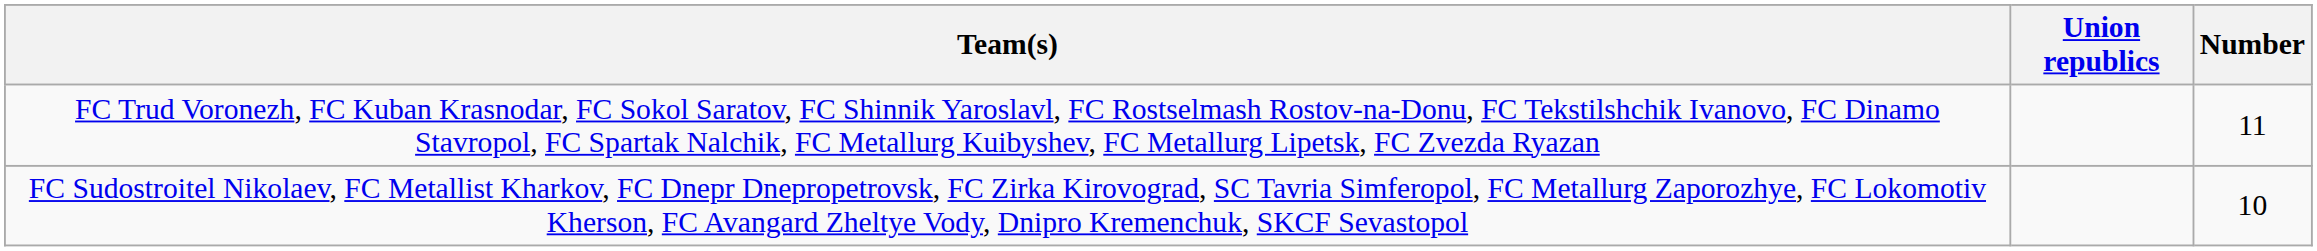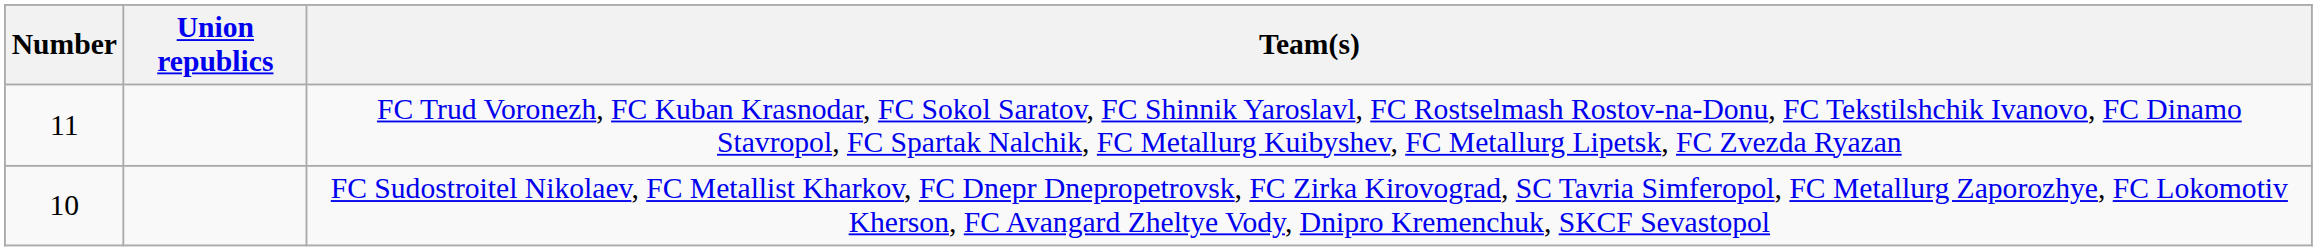 <table class="wikitable" style="text-align:center">
 <tr>
+<th>Number</th>
+<th><a href='#'>Union republics</a></th>
 <th>Team(s)</th>
-<th><a href='#'>Union republics</a></th>
-<th>Number</th>
 </tr>
 <tr>
+<td rowspan="1">11</td>
+<td align="left"></td>
 <td><a href='#'>FC Trud Voronezh</a>, <a href='#'>FC Kuban Krasnodar</a>, <a href='#'>FC Sokol Saratov</a>, <a href='#'>FC Shinnik Yaroslavl</a>, <a href='#'>FC Rostselmash Rostov-na-Donu</a>, <a href='#'>FC Tekstilshchik Ivanovo</a>, <a href='#'>FC Dinamo Stavropol</a>, <a href='#'>FC Spartak Nalchik</a>, <a href='#'>FC Metallurg Kuibyshev</a>, <a href='#'>FC Metallurg Lipetsk</a>, <a href='#'>FC Zvezda Ryazan</a></td>
-<td align="left"></td>
-<td rowspan="1">11</td>
 </tr>
 <tr>
+<td rowspan="1">10</td>
+<td align="left"></td>
 <td><a href='#'>FC Sudostroitel Nikolaev</a>, <a href='#'>FC Metallist Kharkov</a>, <a href='#'>FC Dnepr Dnepropetrovsk</a>, <a href='#'>FC Zirka Kirovograd</a>, <a href='#'>SC Tavria Simferopol</a>, <a href='#'>FC Metallurg Zaporozhye</a>, <a href='#'>FC Lokomotiv Kherson</a>, <a href='#'>FC Avangard Zheltye Vody</a>, <a href='#'>Dnipro Kremenchuk</a>, <a href='#'>SKCF Sevastopol</a></td>
-<td align="left"></td>
-<td rowspan="1">10</td>
 </tr>
 </table>
